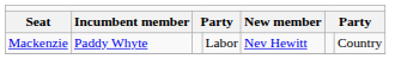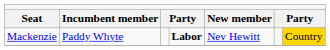 <table class="wikitable">
 <tr>
 <td colspan=7></td>
 </tr>
 <tr>
 <th>Seat</th>
 <th>Incumbent member</th>
 <th colspan=2>Party</th>
 <th>New member</th>
 <th colspan=2>Party</th>
 </tr>
 <tr>
 <td><a href='#'>Mackenzie</a></td>
 <td><a href='#'>Paddy Whyte</a></td>
 <td> </td>
-<td>Labor</td>
+<td><strong>Labor</strong></td>
 <td><a href='#'>Nev Hewitt</a></td>
 <td> </td>
-<td>Country</td>
+<td style="background: gold;">Country</td>
 </tr>
 <tr>
 </tr>
 </table>
